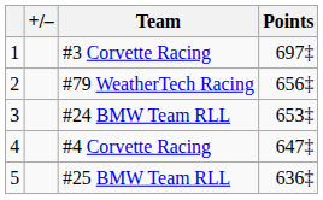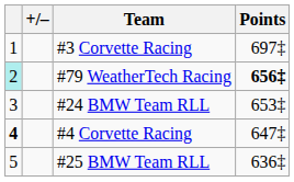 <table class="wikitable" style="font-size: 95%;">
 <tr>
 <th scope="col"></th>
 <th scope="col">+/–</th>
 <th scope="col">Team</th>
 <th scope="col">Points</th>
 </tr>
 <tr>
 <td align=center>1</td>
 <td align="left"></td>
 <td> #3 <a href='#'>Corvette Racing</a></td>
 <td align=right>697‡</td>
 </tr>
 <tr>
-<td align=center>2</td>
+<td align=center style="background: paleturquoise;">2</td>
 <td align="left"></td>
 <td> #79 <a href='#'>WeatherTech Racing</a></td>
-<td align=right>656‡</td>
+<td align=right><strong>656‡</strong></td>
 </tr>
 <tr>
 <td align=center>3</td>
 <td align="left"></td>
 <td> #24 <a href='#'>BMW Team RLL</a></td>
 <td align=right>653‡</td>
 </tr>
 <tr>
-<td align=center>4</td>
+<td align=center><strong>4</strong></td>
 <td align="left"></td>
 <td> #4 <a href='#'>Corvette Racing</a></td>
 <td align=right>647‡</td>
 </tr>
 <tr>
 <td align=center>5</td>
 <td align="left"></td>
 <td> #25 <a href='#'>BMW Team RLL</a></td>
 <td align=right>636‡</td>
 </tr>
 <tr>
 </tr>
 </table>
